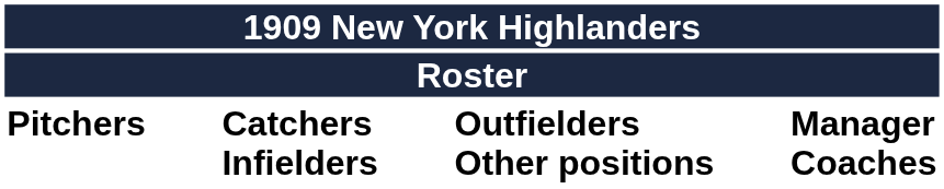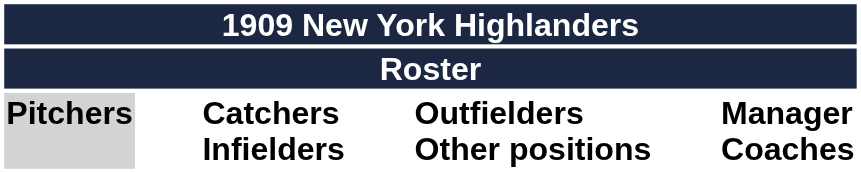 <table class="toccolours" style="font-size: 95%;">
 <tr>
 <th colspan="10" style="background:#1c2841; color:white; text-align:center;">1909 New York Highlanders</th>
 </tr>
 <tr>
 <td colspan="10" style="background:#1c2841; color:white; text-align:center;"><strong>Roster</strong></td>
 </tr>
 <tr>
-<td valign="top"><strong>Pitchers</strong><br>            </td>
+<td valign="top" style="background: lightgrey;"><strong>Pitchers</strong><br>            </td>
 <td style="width:25px;"></td>
 <td valign="top"><strong>Catchers</strong><br>   <strong>Infielders</strong>             </td>
 <td style="width:25px;"></td>
 <td valign="top"><strong>Outfielders</strong><br>     <strong>Other positions</strong> </td>
 <td style="width:25px;"></td>
 <td valign="top"><strong>Manager</strong><br> <strong>Coaches</strong> </td>
 </tr>
 </table>
